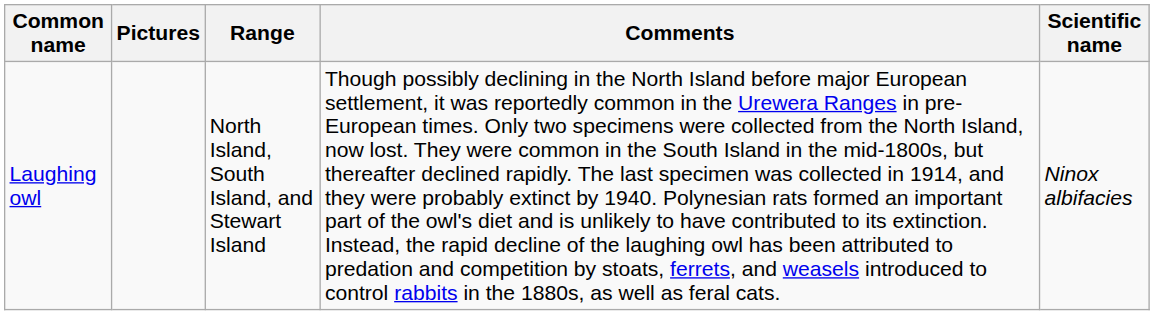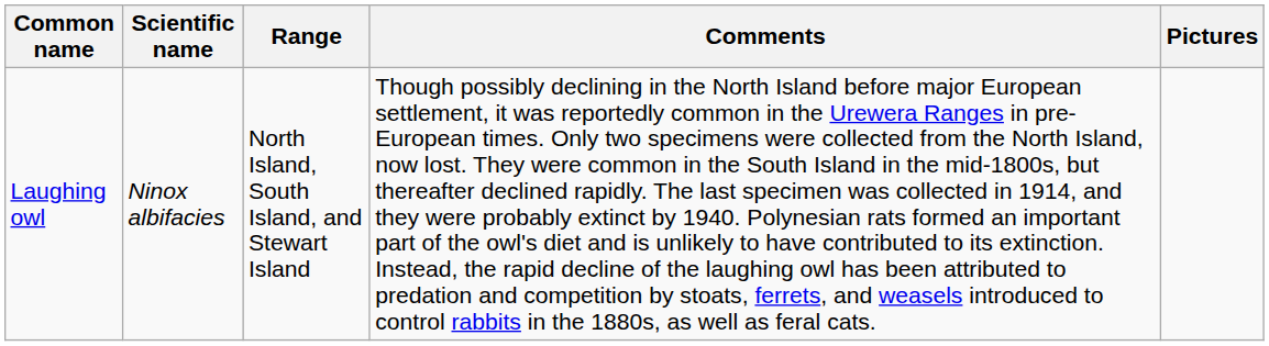 <table class="wikitable">
 <tr>
 <th>Common name</th>
-<th class="unsortable">Pictures</th>
+<th>Scientific name</th>
 <th>Range</th>
 <th class="unsortable">Comments</th>
-<th>Scientific name</th>
+<th class="unsortable">Pictures</th>
 </tr>
 <tr>
 <td><a href='#'>Laughing owl</a></td>
-<td></td>
+<td><em>Ninox albifacies</em></td>
 <td>North Island, South Island, and Stewart Island</td>
 <td>Though possibly declining in the North Island before major European settlement, it was reportedly common in the <a href='#'>Urewera Ranges</a> in pre-European times. Only two specimens were collected from the North Island, now lost. They were common in the South Island in the mid-1800s, but thereafter declined rapidly. The last specimen was collected in 1914, and they were probably extinct by 1940. Polynesian rats formed an important part of the owl's diet and is unlikely to have contributed to its extinction. Instead, the rapid decline of the laughing owl has been attributed to predation and competition by stoats, <a href='#'>ferrets</a>, and <a href='#'>weasels</a> introduced to control <a href='#'>rabbits</a> in the 1880s, as well as feral cats.</td>
-<td><em>Ninox albifacies</em></td>
+<td></td>
 </tr>
 </table>
